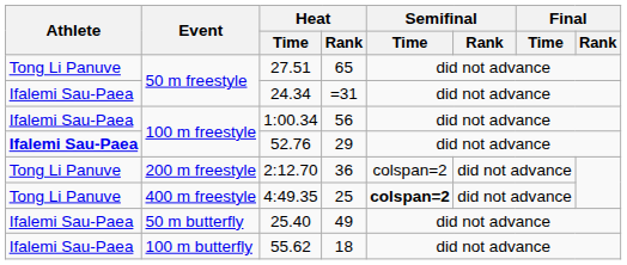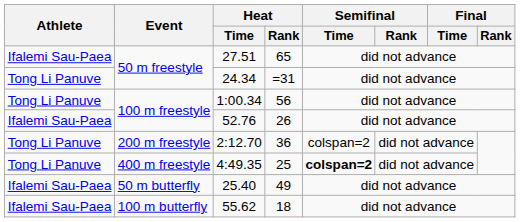 <table class=wikitable style="font-size:90%">
 <tr>
 <th rowspan=2>Athlete</th>
 <th rowspan=2>Event</th>
 <th colspan="2">Heat</th>
 <th colspan="2">Semifinal</th>
 <th colspan="2">Final</th>
 </tr>
 <tr style="font-size:95%">
 <th>Time</th>
 <th>Rank</th>
 <th>Time</th>
 <th>Rank</th>
 <th>Time</th>
 <th>Rank</th>
 </tr>
 <tr align=center>
-<td align=left><a href='#'>Tong Li Panuve</a></td>
+<td align=left><a href='#'>Ifalemi Sau-Paea</a></td>
 <td align=left rowspan=2><a href='#'>50 m freestyle</a></td>
 <td>27.51</td>
 <td>65</td>
 <td colspan=4>did not advance</td>
 </tr>
 <tr align=center>
-<td align=left><a href='#'>Ifalemi Sau-Paea</a></td>
+<td align=left><a href='#'>Tong Li Panuve</a></td>
 <td>24.34</td>
 <td>=31</td>
 <td colspan=4>did not advance</td>
 </tr>
 <tr align=center>
-<td align=left><a href='#'>Ifalemi Sau-Paea</a></td>
+<td align=left><a href='#'>Tong Li Panuve</a></td>
 <td align=left rowspan=2><a href='#'>100 m freestyle</a></td>
 <td>1:00.34</td>
 <td>56</td>
 <td colspan=4>did not advance</td>
 </tr>
 <tr align=center>
-<td align=left><strong><a href='#'>Ifalemi Sau-Paea</a></strong></td>
+<td align=left><a href='#'>Ifalemi Sau-Paea</a></td>
 <td>52.76</td>
-<td>29</td>
+<td>26</td>
 <td colspan=4>did not advance</td>
 </tr>
 <tr align=center>
 <td align=left><a href='#'>Tong Li Panuve</a></td>
 <td align=left><a href='#'>200 m freestyle</a></td>
 <td>2:12.70</td>
 <td>36</td>
 <td>colspan=2 </td>
 <td colspan=2>did not advance</td>
 </tr>
 <tr align=center>
 <td align=left><a href='#'>Tong Li Panuve</a></td>
 <td align=left><a href='#'>400 m freestyle</a></td>
 <td>4:49.35</td>
 <td>25</td>
 <td><strong>colspan=2 </strong></td>
 <td colspan=2>did not advance</td>
 </tr>
 <tr align=center>
 <td align=left><a href='#'>Ifalemi Sau-Paea</a></td>
 <td align=left><a href='#'>50 m butterfly</a></td>
 <td>25.40</td>
 <td>49</td>
 <td colspan=4>did not advance</td>
 </tr>
 <tr align=center>
 <td align=left><a href='#'>Ifalemi Sau-Paea</a></td>
 <td align=left><a href='#'>100 m butterfly</a></td>
 <td>55.62</td>
 <td>18</td>
 <td colspan=4>did not advance</td>
 </tr>
 </table>
